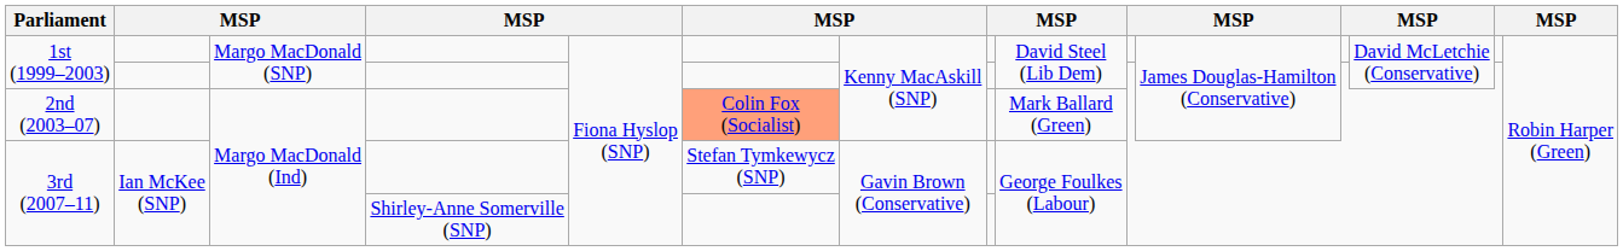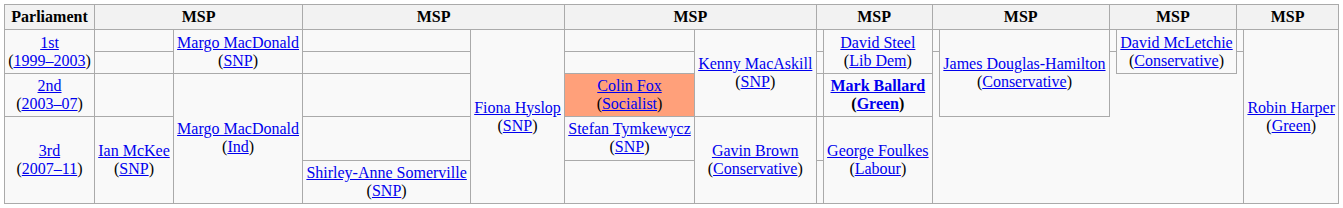 <table class="wikitable" style="text-align:center">
 <tr>
 <th>Parliament</th>
 <th colspan="2">MSP</th>
 <th colspan="2">MSP</th>
 <th colspan="2">MSP</th>
 <th colspan="2">MSP</th>
 <th colspan="2">MSP</th>
 <th colspan="2">MSP</th>
 <th colspan="2">MSP</th>
 </tr>
 <tr>
 <td rowspan="2"><a href='#'>1st</a> <br>(<a href='#'>1999–2003</a>)</td>
 <td></td>
 <td rowspan="2"><a href='#'>Margo MacDonald</a> <br>(<a href='#'>SNP</a>)</td>
 <td></td>
 <td rowspan="5"><a href='#'>Fiona Hyslop</a><br>(<a href='#'>SNP</a>)</td>
 <td></td>
 <td rowspan="3"><a href='#'>Kenny MacAskill</a><br>(<a href='#'>SNP</a>)</td>
 <td></td>
 <td rowspan="2"><a href='#'>David Steel</a><br>(<a href='#'>Lib Dem</a>)</td>
 <td></td>
 <td rowspan="3"><a href='#'>James Douglas-Hamilton</a><br>(<a href='#'>Conservative</a>)</td>
 <td></td>
 <td rowspan="2"><a href='#'>David McLetchie</a><br>(<a href='#'>Conservative</a>)</td>
 <td></td>
 <td rowspan="5"><a href='#'>Robin Harper</a><br>(<a href='#'>Green</a>)</td>
 </tr>
 <tr>
 <td></td>
 </tr>
 <tr>
 <td><a href='#'>2nd</a> <br>(<a href='#'>2003–07</a>)</td>
 <td></td>
 <td rowspan="3"><a href='#'>Margo MacDonald</a> <br>(<a href='#'>Ind</a>)</td>
 <td></td>
 <td rowspan="1" style="background: lightsalmon;"><a href='#'>Colin Fox</a><br>(<a href='#'>Socialist</a>)</td>
 <td></td>
-<td rowspan="1"><a href='#'>Mark Ballard</a><br>(<a href='#'>Green</a>)</td>
+<td rowspan="1"><strong><a href='#'>Mark Ballard</a><br>(<a href='#'>Green</a>)</strong></td>
 </tr>
 <tr>
 <td rowspan="2"><a href='#'>3rd</a> <br>(<a href='#'>2007–11</a>)</td>
 <td rowspan="2"><a href='#'>Ian McKee</a><br>(<a href='#'>SNP</a>)</td>
 <td></td>
 <td rowspan="1"><a href='#'>Stefan Tymkewycz</a><br>(<a href='#'>SNP</a>)</td>
 <td rowspan="2"><a href='#'>Gavin Brown</a><br>(<a href='#'>Conservative</a>)</td>
 <td></td>
 <td rowspan="2"><a href='#'>George Foulkes</a><br>(<a href='#'>Labour</a>)</td>
 </tr>
 <tr>
 <td rowspan="1"><a href='#'>Shirley-Anne Somerville</a><br>(<a href='#'>SNP</a>)</td>
 </tr>
 <tr>
 </tr>
 </table>
